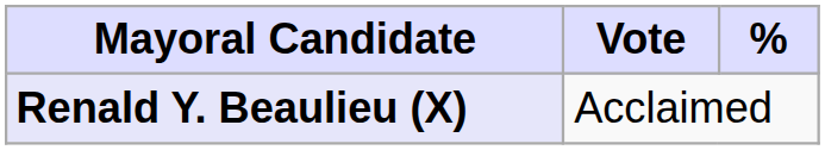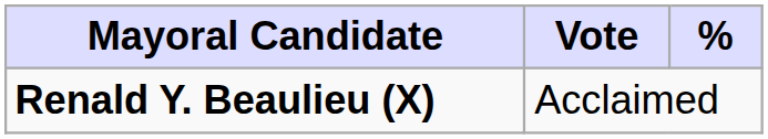 <table class="wikitable">
 <tr>
 <th style="background:#ddf; width:200px;">Mayoral Candidate </th>
 <th style="background:#ddf; width:50px;">Vote</th>
 <th style="background:#ddf; width:30px;">%</th>
 </tr>
 <tr>
-<td style="background: lavender;"><strong>Renald Y. Beaulieu (X)</strong></td>
+<td><strong>Renald Y. Beaulieu (X)</strong></td>
 <td colspan="2">Acclaimed</td>
 </tr>
 </table>
